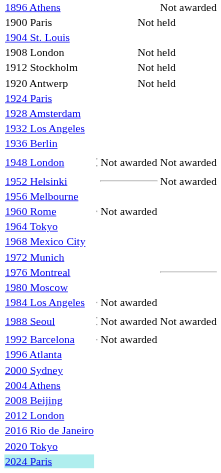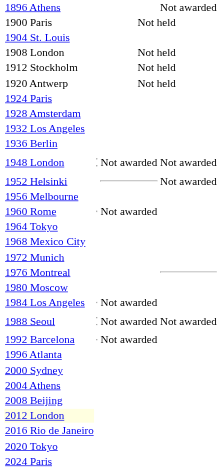 <table>
 <tr>
 <td><a href='#'>1896 Athens</a><br></td>
 <td></td>
 <td></td>
 <td>Not awarded</td>
 </tr>
 <tr>
 <td>1900 Paris</td>
 <td colspan=3 align=center>Not held</td>
 </tr>
 <tr>
 <td><a href='#'>1904 St. Louis</a><br></td>
 <td></td>
 <td></td>
 <td></td>
 </tr>
 <tr>
 <td>1908 London</td>
 <td colspan=3 align=center>Not held</td>
 </tr>
 <tr>
 <td>1912 Stockholm</td>
 <td colspan=3 align=center>Not held</td>
 </tr>
 <tr>
 <td>1920 Antwerp</td>
 <td colspan=3 align=center>Not held</td>
 </tr>
 <tr>
 <td><a href='#'>1924 Paris</a><br></td>
 <td></td>
 <td></td>
 <td></td>
 </tr>
 <tr>
 <td><a href='#'>1928 Amsterdam</a><br></td>
 <td></td>
 <td></td>
 <td></td>
 </tr>
 <tr>
 <td><a href='#'>1932 Los Angeles</a><br></td>
 <td></td>
 <td></td>
 <td></td>
 </tr>
 <tr>
 <td><a href='#'>1936 Berlin</a><br></td>
 <td></td>
 <td></td>
 <td></td>
 </tr>
 <tr>
 <td><a href='#'>1948 London</a><br></td>
 <td><hr><hr></td>
 <td>Not awarded</td>
 <td>Not awarded</td>
 </tr>
 <tr>
 <td><a href='#'>1952 Helsinki</a><br></td>
 <td></td>
 <td><hr></td>
 <td>Not awarded</td>
 </tr>
 <tr>
 <td><a href='#'>1956 Melbourne</a><br></td>
 <td></td>
 <td></td>
 <td></td>
 </tr>
 <tr>
 <td><a href='#'>1960 Rome</a><br></td>
 <td><hr></td>
 <td>Not awarded</td>
 <td></td>
 </tr>
 <tr>
 <td><a href='#'>1964 Tokyo</a><br></td>
 <td></td>
 <td></td>
 <td></td>
 </tr>
 <tr>
 <td><a href='#'>1968 Mexico City</a><br></td>
 <td></td>
 <td></td>
 <td></td>
 </tr>
 <tr>
 <td><a href='#'>1972 Munich</a><br></td>
 <td></td>
 <td></td>
 <td></td>
 </tr>
 <tr>
 <td><a href='#'>1976 Montreal</a><br></td>
 <td></td>
 <td></td>
 <td><hr></td>
 </tr>
 <tr>
 <td><a href='#'>1980 Moscow</a><br></td>
 <td></td>
 <td></td>
 <td></td>
 </tr>
 <tr>
 <td><a href='#'>1984 Los Angeles</a><br></td>
 <td><hr></td>
 <td>Not awarded</td>
 <td></td>
 </tr>
 <tr>
 <td><a href='#'>1988 Seoul</a><br></td>
 <td><hr><hr></td>
 <td>Not awarded</td>
 <td>Not awarded</td>
 </tr>
 <tr>
 <td><a href='#'>1992 Barcelona</a><br></td>
 <td><hr></td>
 <td>Not awarded</td>
 <td></td>
 </tr>
 <tr>
 <td><a href='#'>1996 Atlanta</a><br></td>
 <td></td>
 <td></td>
 <td></td>
 </tr>
 <tr>
 <td><a href='#'>2000 Sydney</a><br></td>
 <td></td>
 <td></td>
 <td></td>
 </tr>
 <tr>
 <td><a href='#'>2004 Athens</a><br></td>
 <td></td>
 <td></td>
 <td></td>
 </tr>
 <tr>
 <td><a href='#'>2008 Beijing</a><br></td>
 <td></td>
 <td></td>
 <td></td>
 </tr>
 <tr>
-<td><a href='#'>2012 London</a><br></td>
+<td style="background: lightyellow;"><a href='#'>2012 London</a><br></td>
 <td></td>
 <td></td>
 <td></td>
 </tr>
 <tr>
 <td><a href='#'>2016 Rio de Janeiro</a><br></td>
 <td></td>
 <td></td>
 <td></td>
 </tr>
 <tr>
 <td><a href='#'>2020 Tokyo</a><br></td>
 <td></td>
 <td></td>
 <td></td>
 </tr>
 <tr>
-<td style="background: paleturquoise;"><a href='#'>2024 Paris</a><br></td>
+<td><a href='#'>2024 Paris</a><br></td>
 <td></td>
 <td></td>
 <td></td>
 </tr>
 </table>
